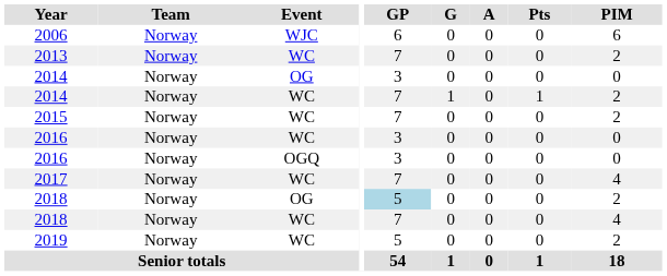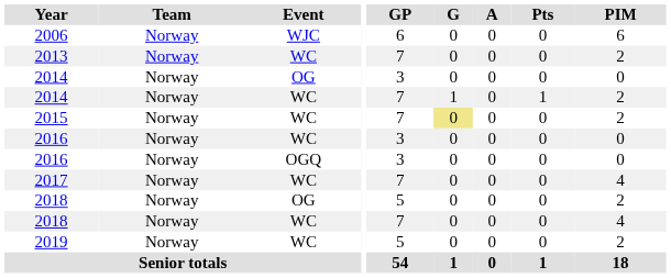 <table border="0" cellpadding="1" cellspacing="0" ID="Table3" style="text-align:center; width:40em">
 <tr ALIGN="center" bgcolor="#e0e0e0">
 <th>Year</th>
 <th>Team</th>
 <th>Event</th>
 <th rowspan="102" bgcolor="#ffffff"></th>
 <th>GP</th>
 <th>G</th>
 <th>A</th>
 <th>Pts</th>
 <th>PIM</th>
 </tr>
 <tr>
 <td><a href='#'>2006</a></td>
 <td><a href='#'>Norway</a></td>
 <td><a href='#'>WJC</a></td>
 <td>6</td>
 <td>0</td>
 <td>0</td>
 <td>0</td>
 <td>6</td>
 </tr>
 <tr bgcolor="#f0f0f0">
 <td><a href='#'>2013</a></td>
 <td><a href='#'>Norway</a></td>
 <td><a href='#'>WC</a></td>
 <td>7</td>
 <td>0</td>
 <td>0</td>
 <td>0</td>
 <td>2</td>
 </tr>
 <tr>
 <td><a href='#'>2014</a></td>
 <td>Norway</td>
 <td><a href='#'>OG</a></td>
 <td>3</td>
 <td>0</td>
 <td>0</td>
 <td>0</td>
 <td>0</td>
 </tr>
 <tr bgcolor="#f0f0f0">
 <td><a href='#'>2014</a></td>
 <td>Norway</td>
 <td>WC</td>
 <td>7</td>
 <td>1</td>
 <td>0</td>
 <td>1</td>
 <td>2</td>
 </tr>
 <tr>
 <td><a href='#'>2015</a></td>
 <td>Norway</td>
 <td>WC</td>
 <td>7</td>
-<td>0</td>
+<td style="background: khaki;">0</td>
 <td>0</td>
 <td>0</td>
 <td>2</td>
 </tr>
 <tr bgcolor="#f0f0f0">
 <td><a href='#'>2016</a></td>
 <td>Norway</td>
 <td>WC</td>
 <td>3</td>
 <td>0</td>
 <td>0</td>
 <td>0</td>
 <td>0</td>
 </tr>
 <tr>
 <td><a href='#'>2016</a></td>
 <td>Norway</td>
 <td>OGQ</td>
 <td>3</td>
 <td>0</td>
 <td>0</td>
 <td>0</td>
 <td>0</td>
 </tr>
 <tr bgcolor="#f0f0f0">
 <td><a href='#'>2017</a></td>
 <td>Norway</td>
 <td>WC</td>
 <td>7</td>
 <td>0</td>
 <td>0</td>
 <td>0</td>
 <td>4</td>
 </tr>
 <tr>
 <td><a href='#'>2018</a></td>
 <td>Norway</td>
 <td>OG</td>
-<td style="background: lightblue;">5</td>
+<td>5</td>
 <td>0</td>
 <td>0</td>
 <td>0</td>
 <td>2</td>
 </tr>
 <tr bgcolor="#f0f0f0">
 <td><a href='#'>2018</a></td>
 <td>Norway</td>
 <td>WC</td>
 <td>7</td>
 <td>0</td>
 <td>0</td>
 <td>0</td>
 <td>4</td>
 </tr>
 <tr>
 <td><a href='#'>2019</a></td>
 <td>Norway</td>
 <td>WC</td>
 <td>5</td>
 <td>0</td>
 <td>0</td>
 <td>0</td>
 <td>2</td>
 </tr>
 <tr bgcolor="#e0e0e0">
 <th colspan=3>Senior totals</th>
 <th>54</th>
 <th>1</th>
 <th>0</th>
 <th>1</th>
 <th>18</th>
 </tr>
 </table>
